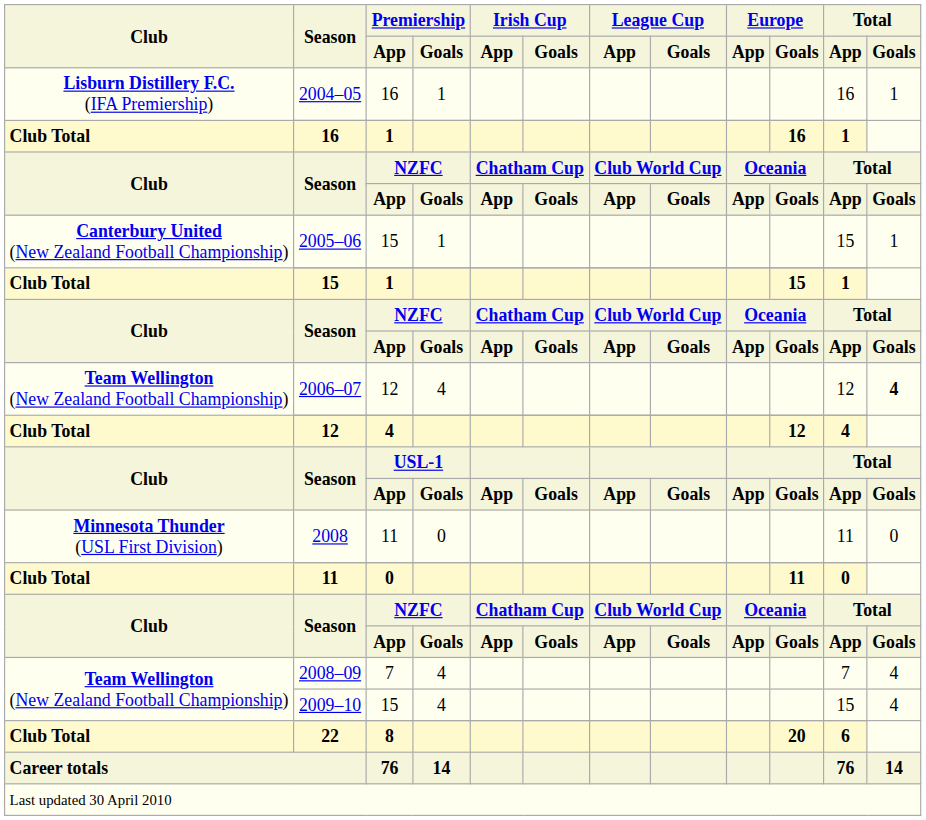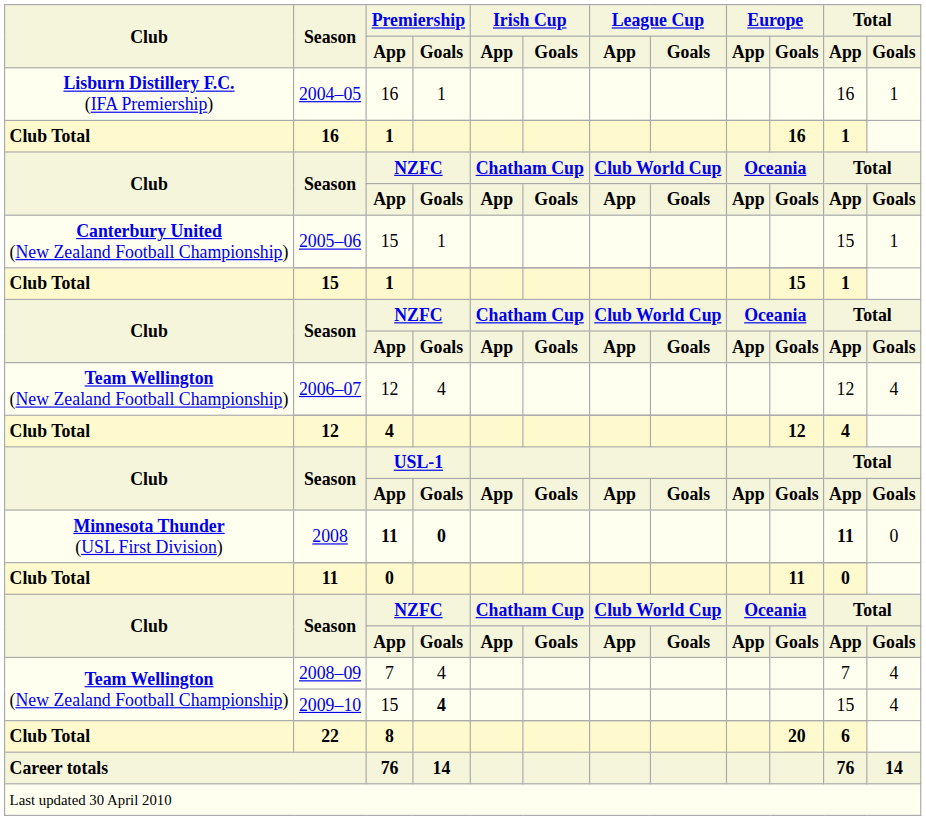 <table border=1 align=center cellpadding=4 cellspacing=2 style="background: ivory; font-size: 95%; border: 1px #aaaaaa solid; border-collapse: collapse; clear:center">
 <tr style="background:beige">
 <th rowspan="2">Club</th>
 <th rowspan="2">Season</th>
 <th colspan="2"><a href='#'>Premiership</a></th>
 <th colspan="2"><a href='#'>Irish Cup</a></th>
 <th colspan="2"><a href='#'>League Cup</a></th>
 <th colspan="2"><a href='#'>Europe</a></th>
 <th colspan="2">Total</th>
 </tr>
 <tr style="background:beige">
 <th>App</th>
 <th>Goals</th>
 <th>App</th>
 <th>Goals</th>
 <th>App</th>
 <th>Goals</th>
 <th>App</th>
 <th>Goals</th>
 <th>App</th>
 <th>Goals</th>
 </tr>
 <tr>
 <td rowspan="2" align=center valign=center><strong><a href='#'>Lisburn Distillery F.C.</a></strong><br>(<a href='#'>IFA Premiership</a>)</td>
 <td align="center"><a href='#'>2004–05</a></td>
 <td align="center">16</td>
 <td align="center">1</td>
 <td align="center"></td>
 <td align="center"></td>
 <td align="center"></td>
 <td align="center"></td>
 <td align="center"></td>
 <td align="center"></td>
 <td align="center">16</td>
 <td align="center">1</td>
 </tr>
 <tr>
 </tr>
 <tr style="background:lemonchiffon">
 <th colspan="1" align="left">Club Total</th>
 <th>16</th>
 <th>1</th>
 <th></th>
 <th></th>
 <th></th>
 <th></th>
 <th></th>
 <th></th>
 <th>16</th>
 <th>1</th>
 </tr>
 <tr style="background:beige">
 <th rowspan="2">Club</th>
 <th rowspan="2">Season</th>
 <th colspan="2"><a href='#'>NZFC</a></th>
 <th colspan="2"><a href='#'>Chatham Cup</a></th>
 <th colspan="2"><a href='#'>Club World Cup</a></th>
 <th colspan="2"><a href='#'>Oceania</a></th>
 <th colspan="2">Total</th>
 </tr>
 <tr style="background:beige">
 <th>App</th>
 <th>Goals</th>
 <th>App</th>
 <th>Goals</th>
 <th>App</th>
 <th>Goals</th>
 <th>App</th>
 <th>Goals</th>
 <th>App</th>
 <th>Goals</th>
 </tr>
 <tr>
 <td rowspan="2" align=center valign=center><strong><a href='#'>Canterbury United</a></strong><br>(<a href='#'>New Zealand Football Championship</a>)</td>
 <td align="center"><a href='#'>2005–06</a></td>
 <td align="center">15</td>
 <td align="center">1</td>
 <td align="center"></td>
 <td align="center"></td>
 <td align="center"></td>
 <td align="center"></td>
 <td align="center"></td>
 <td align="center"></td>
 <td align="center">15</td>
 <td align="center">1</td>
 </tr>
 <tr>
 </tr>
 <tr style="background:lemonchiffon">
 <th colspan="1" align="left">Club Total</th>
 <th>15</th>
 <th>1</th>
 <th></th>
 <th></th>
 <th></th>
 <th></th>
 <th></th>
 <th></th>
 <th>15</th>
 <th>1</th>
 </tr>
 <tr style="background:beige">
 <th rowspan="2">Club</th>
 <th rowspan="2">Season</th>
 <th colspan="2"><a href='#'>NZFC</a></th>
 <th colspan="2"><a href='#'>Chatham Cup</a></th>
 <th colspan="2"><a href='#'>Club World Cup</a></th>
 <th colspan="2"><a href='#'>Oceania</a></th>
 <th colspan="2">Total</th>
 </tr>
 <tr style="background:beige">
 <th>App</th>
 <th>Goals</th>
 <th>App</th>
 <th>Goals</th>
 <th>App</th>
 <th>Goals</th>
 <th>App</th>
 <th>Goals</th>
 <th>App</th>
 <th>Goals</th>
 </tr>
 <tr>
 <td rowspan="2" align=center valign=center><strong><a href='#'>Team Wellington</a></strong><br>(<a href='#'>New Zealand Football Championship</a>)</td>
 <td align="center"><a href='#'>2006–07</a></td>
 <td align="center">12</td>
 <td align="center">4</td>
 <td align="center"></td>
 <td align="center"></td>
 <td align="center"></td>
 <td align="center"></td>
 <td align="center"></td>
 <td align="center"></td>
 <td align="center">12</td>
-<td align="center"><strong>4</strong></td>
+<td align="center">4</td>
 </tr>
 <tr>
 </tr>
 <tr style="background:lemonchiffon">
 <th colspan="1" align="left">Club Total</th>
 <th>12</th>
 <th>4</th>
 <th></th>
 <th></th>
 <th></th>
 <th></th>
 <th></th>
 <th></th>
 <th>12</th>
 <th>4</th>
 </tr>
 <tr style="background:beige">
 <th rowspan="2">Club</th>
 <th rowspan="2">Season</th>
 <th colspan="2"><a href='#'>USL-1</a></th>
 <th colspan="2"></th>
 <th colspan="2"></th>
 <th colspan="2"></th>
 <th colspan="2">Total</th>
 </tr>
 <tr style="background:beige">
 <th>App</th>
 <th>Goals</th>
 <th>App</th>
 <th>Goals</th>
 <th>App</th>
 <th>Goals</th>
 <th>App</th>
 <th>Goals</th>
 <th>App</th>
 <th>Goals</th>
 </tr>
 <tr>
 <td rowspan="2" align=center valign=center><strong><a href='#'>Minnesota Thunder</a></strong><br>(<a href='#'>USL First Division</a>)</td>
 <td align="center"><a href='#'>2008</a></td>
-<td align="center">11</td>
-<td align="center">0</td>
+<td align="center"><strong>11</strong></td>
+<td align="center"><strong>0</strong></td>
 <td align="center"></td>
 <td align="center"></td>
 <td align="center"></td>
 <td align="center"></td>
 <td align="center"></td>
 <td align="center"></td>
-<td align="center">11</td>
+<td align="center"><strong>11</strong></td>
 <td align="center">0</td>
 </tr>
 <tr>
 </tr>
 <tr style="background:lemonchiffon">
 <th colspan="1" align="left">Club Total</th>
 <th>11</th>
 <th>0</th>
 <th></th>
 <th></th>
 <th></th>
 <th></th>
 <th></th>
 <th></th>
 <th>11</th>
 <th>0</th>
 </tr>
 <tr style="background:beige">
 <th rowspan="2">Club</th>
 <th rowspan="2">Season</th>
 <th colspan="2"><a href='#'>NZFC</a></th>
 <th colspan="2"><a href='#'>Chatham Cup</a></th>
 <th colspan="2"><a href='#'>Club World Cup</a></th>
 <th colspan="2"><a href='#'>Oceania</a></th>
 <th colspan="2">Total</th>
 </tr>
 <tr style="background:beige">
 <th>App</th>
 <th>Goals</th>
 <th>App</th>
 <th>Goals</th>
 <th>App</th>
 <th>Goals</th>
 <th>App</th>
 <th>Goals</th>
 <th>App</th>
 <th>Goals</th>
 </tr>
 <tr>
 <td rowspan="3" align=center valign=center><strong><a href='#'>Team Wellington</a></strong><br>(<a href='#'>New Zealand Football Championship</a>)</td>
 <td align="center"><a href='#'>2008–09</a></td>
 <td align="center">7</td>
 <td align="center">4</td>
 <td align="center"></td>
 <td align="center"></td>
 <td align="center"></td>
 <td align="center"></td>
 <td align="center"></td>
 <td align="center"></td>
 <td align="center">7</td>
 <td align="center">4</td>
 </tr>
 <tr>
 <td align="center"><a href='#'>2009–10</a></td>
 <td align="center">15</td>
-<td align="center">4</td>
+<td align="center"><strong>4</strong></td>
 <td align="center"></td>
 <td align="center"></td>
 <td align="center"></td>
 <td align="center"></td>
 <td align="center"></td>
 <td align="center"></td>
 <td align="center">15</td>
 <td align="center">4</td>
 </tr>
 <tr>
 </tr>
 <tr style="background:lemonchiffon">
 <th colspan="1" align="left">Club Total</th>
 <th>22</th>
 <th>8</th>
 <th></th>
 <th></th>
 <th></th>
 <th></th>
 <th></th>
 <th></th>
 <th>20</th>
 <th>6</th>
 </tr>
 <tr>
 <th style="background:beige" colspan="2" align="left">Career totals</th>
 <th align=center style="background:beige">76</th>
 <th align=center style="background:beige">14</th>
 <th align=center style="background:beige"></th>
 <th align=center style="background:beige"></th>
 <th align=center style="background:beige"></th>
 <th align=center style="background:beige"></th>
 <th align=center style="background:beige"></th>
 <th align=center style="background:beige"></th>
 <th align=center style="background:beige">76</th>
 <th align=center style="background:beige">14</th>
 </tr>
 <tr>
 <td colspan="12"><small>Last updated 30 April 2010</small></td>
 </tr>
 </table>
